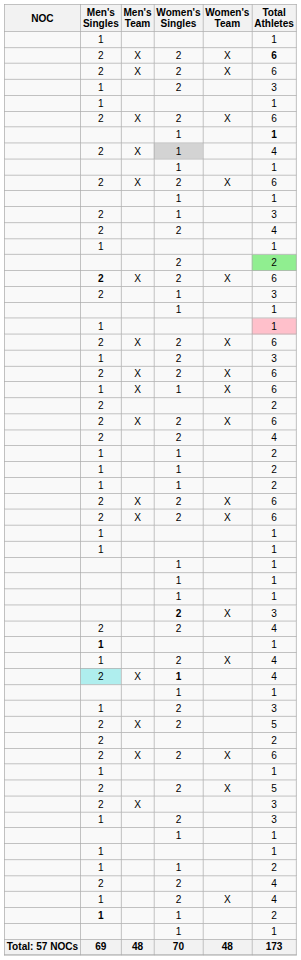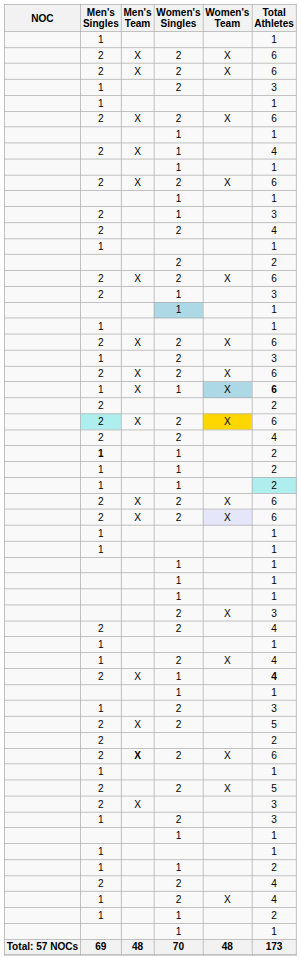 <table class="wikitable sortable" style="text-align:center; font-size:90%">
 <tr>
 <th>NOC</th>
 <th>Men's<br>Singles</th>
 <th>Men's<br>Team</th>
 <th>Women's<br>Singles</th>
 <th>Women's<br>Team</th>
 <th>Total<br>Athletes</th>
 </tr>
 <tr>
 <td align="left"></td>
 <td>1</td>
 <td></td>
 <td></td>
 <td></td>
 <td>1</td>
 </tr>
 <tr>
 <td align="left"></td>
 <td>2</td>
 <td>X</td>
 <td>2</td>
 <td>X</td>
-<td><strong>6</strong></td>
+<td>6</td>
 </tr>
 <tr>
 <td align="left"></td>
 <td>2</td>
 <td>X</td>
 <td>2</td>
 <td>X</td>
 <td>6</td>
 </tr>
 <tr>
 <td align="left"></td>
 <td>1</td>
 <td></td>
 <td>2</td>
 <td></td>
 <td>3</td>
 </tr>
 <tr>
 <td align="left"></td>
 <td>1</td>
 <td></td>
 <td></td>
 <td></td>
 <td>1</td>
 </tr>
 <tr>
 <td align="left"></td>
 <td>2</td>
 <td>X</td>
 <td>2</td>
 <td>X</td>
 <td>6</td>
 </tr>
 <tr>
 <td align="left"></td>
 <td></td>
 <td></td>
 <td>1</td>
 <td></td>
-<td><strong>1</strong></td>
+<td>1</td>
 </tr>
 <tr>
 <td align="left"></td>
 <td>2</td>
 <td>X</td>
-<td style="background: lightgrey;">1</td>
+<td>1</td>
 <td></td>
 <td>4</td>
 </tr>
 <tr>
 <td align="left"></td>
 <td></td>
 <td></td>
 <td>1</td>
 <td></td>
 <td>1</td>
 </tr>
 <tr>
 <td align="left"></td>
 <td>2</td>
 <td>X</td>
 <td>2</td>
 <td>X</td>
 <td>6</td>
 </tr>
 <tr>
 <td align="left"></td>
 <td></td>
 <td></td>
 <td>1</td>
 <td></td>
 <td>1</td>
 </tr>
 <tr>
 <td align="left"></td>
 <td>2</td>
 <td></td>
 <td>1</td>
 <td></td>
 <td>3</td>
 </tr>
 <tr>
 <td align="left"></td>
 <td>2</td>
 <td></td>
 <td>2</td>
 <td></td>
 <td>4</td>
 </tr>
 <tr>
 <td align="left"></td>
 <td>1</td>
 <td></td>
 <td></td>
 <td></td>
 <td>1</td>
 </tr>
 <tr>
 <td align="left"></td>
 <td></td>
 <td></td>
 <td>2</td>
 <td></td>
-<td style="background: lightgreen;">2</td>
+<td>2</td>
 </tr>
 <tr>
 <td align="left"></td>
-<td><strong>2</strong></td>
+<td>2</td>
 <td>X</td>
 <td>2</td>
 <td>X</td>
 <td>6</td>
 </tr>
 <tr>
 <td align="left"></td>
 <td>2</td>
 <td></td>
 <td>1</td>
 <td></td>
 <td>3</td>
 </tr>
 <tr>
 <td align="left"></td>
 <td></td>
 <td></td>
-<td>1</td>
+<td style="background: lightblue;">1</td>
 <td></td>
 <td>1</td>
 </tr>
 <tr>
 <td align="left"></td>
 <td>1</td>
 <td></td>
 <td></td>
 <td></td>
-<td style="background: pink;">1</td>
+<td>1</td>
 </tr>
 <tr>
 <td align="left"></td>
 <td>2</td>
 <td>X</td>
 <td>2</td>
 <td>X</td>
 <td>6</td>
 </tr>
 <tr>
 <td align="left"></td>
 <td>1</td>
 <td></td>
 <td>2</td>
 <td></td>
 <td>3</td>
 </tr>
 <tr>
 <td align="left"></td>
 <td>2</td>
 <td>X</td>
 <td>2</td>
 <td>X</td>
 <td>6</td>
 </tr>
 <tr>
 <td align="left"></td>
 <td>1</td>
 <td>X</td>
 <td>1</td>
-<td>X</td>
-<td>6</td>
+<td style="background: lightblue;">X</td>
+<td><strong>6</strong></td>
 </tr>
 <tr>
 <td align="left"></td>
 <td>2</td>
 <td></td>
 <td></td>
 <td></td>
 <td>2</td>
 </tr>
 <tr>
 <td align="left"></td>
-<td>2</td>
+<td style="background: paleturquoise;">2</td>
 <td>X</td>
 <td>2</td>
-<td>X</td>
+<td style="background: gold;">X</td>
 <td>6</td>
 </tr>
 <tr>
 <td align="left"></td>
 <td>2</td>
 <td></td>
 <td>2</td>
 <td></td>
 <td>4</td>
 </tr>
 <tr>
 <td align="left"></td>
-<td>1</td>
+<td><strong>1</strong></td>
 <td></td>
 <td>1</td>
 <td></td>
 <td>2</td>
 </tr>
 <tr>
 <td align="left"></td>
 <td>1</td>
 <td></td>
 <td>1</td>
 <td></td>
 <td>2</td>
 </tr>
 <tr>
 <td align="left"></td>
 <td>1</td>
 <td></td>
 <td>1</td>
 <td></td>
-<td>2</td>
+<td style="background: paleturquoise;">2</td>
 </tr>
 <tr>
 <td align="left"></td>
 <td>2</td>
 <td>X</td>
 <td>2</td>
 <td>X</td>
 <td>6</td>
 </tr>
 <tr>
 <td align="left"></td>
 <td>2</td>
 <td>X</td>
 <td>2</td>
-<td>X</td>
+<td style="background: lavender;">X</td>
 <td>6</td>
 </tr>
 <tr>
 <td align="left"></td>
 <td>1</td>
 <td></td>
 <td></td>
 <td></td>
 <td>1</td>
 </tr>
 <tr>
 <td align="left"></td>
 <td>1</td>
 <td></td>
 <td></td>
 <td></td>
 <td>1</td>
 </tr>
 <tr>
 <td align="left"></td>
 <td></td>
 <td></td>
 <td>1</td>
 <td></td>
 <td>1</td>
 </tr>
 <tr>
 <td align="left"></td>
 <td></td>
 <td></td>
 <td>1</td>
 <td></td>
 <td>1</td>
 </tr>
 <tr>
 <td align="left"></td>
 <td></td>
 <td></td>
 <td>1</td>
 <td></td>
 <td>1</td>
 </tr>
 <tr>
 <td align="left"></td>
 <td></td>
 <td></td>
-<td><strong>2</strong></td>
+<td>2</td>
 <td>X</td>
 <td>3</td>
 </tr>
 <tr>
 <td align="left"></td>
 <td>2</td>
 <td></td>
 <td>2</td>
 <td></td>
 <td>4</td>
 </tr>
 <tr>
 <td align="left"></td>
-<td><strong>1</strong></td>
+<td>1</td>
 <td></td>
 <td></td>
 <td></td>
 <td>1</td>
 </tr>
 <tr>
 <td align="left"></td>
 <td>1</td>
 <td></td>
 <td>2</td>
 <td>X</td>
 <td>4</td>
 </tr>
 <tr>
 <td align="left"></td>
-<td style="background: paleturquoise;">2</td>
+<td>2</td>
 <td>X</td>
-<td><strong>1</strong></td>
+<td>1</td>
 <td></td>
-<td>4</td>
+<td><strong>4</strong></td>
 </tr>
 <tr>
 <td align="left"></td>
 <td></td>
 <td></td>
 <td>1</td>
 <td></td>
 <td>1</td>
 </tr>
 <tr>
 <td align="left"></td>
 <td>1</td>
 <td></td>
 <td>2</td>
 <td></td>
 <td>3</td>
 </tr>
 <tr>
 <td align="left"></td>
 <td>2</td>
 <td>X</td>
 <td>2</td>
 <td></td>
 <td>5</td>
 </tr>
 <tr>
 <td align="left"></td>
 <td>2</td>
 <td></td>
 <td></td>
 <td></td>
 <td>2</td>
 </tr>
 <tr>
 <td align="left"></td>
 <td>2</td>
-<td>X</td>
+<td><strong>X</strong></td>
 <td>2</td>
 <td>X</td>
 <td>6</td>
 </tr>
 <tr>
 <td align="left"></td>
 <td>1</td>
 <td></td>
 <td></td>
 <td></td>
 <td>1</td>
 </tr>
 <tr>
 <td align="left"></td>
 <td>2</td>
 <td></td>
 <td>2</td>
 <td>X</td>
 <td>5</td>
 </tr>
 <tr>
 <td align="left"></td>
 <td>2</td>
 <td>X</td>
 <td></td>
 <td></td>
 <td>3</td>
 </tr>
 <tr>
 <td align="left"></td>
 <td>1</td>
 <td></td>
 <td>2</td>
 <td></td>
 <td>3</td>
 </tr>
 <tr>
 <td align="left"></td>
 <td></td>
 <td></td>
 <td>1</td>
 <td></td>
 <td>1</td>
 </tr>
 <tr>
 <td align="left"></td>
 <td>1</td>
 <td></td>
 <td></td>
 <td></td>
 <td>1</td>
 </tr>
 <tr>
 <td align="left"></td>
 <td>1</td>
 <td></td>
 <td>1</td>
 <td></td>
 <td>2</td>
 </tr>
 <tr>
 <td align="left"></td>
 <td>2</td>
 <td></td>
 <td>2</td>
 <td></td>
 <td>4</td>
 </tr>
 <tr>
 <td align="left"></td>
 <td>1</td>
 <td></td>
 <td>2</td>
 <td>X</td>
 <td>4</td>
 </tr>
 <tr>
 <td align="left"></td>
-<td><strong>1</strong></td>
+<td>1</td>
 <td></td>
 <td>1</td>
 <td></td>
 <td>2</td>
 </tr>
 <tr>
 <td align="left"></td>
 <td></td>
 <td></td>
 <td>1</td>
 <td></td>
 <td>1</td>
 </tr>
 <tr>
 <th>Total: 57 NOCs</th>
 <th>69</th>
 <th>48</th>
 <th>70</th>
 <th>48</th>
 <th>173</th>
 </tr>
 <tr>
 </tr>
 </table>
